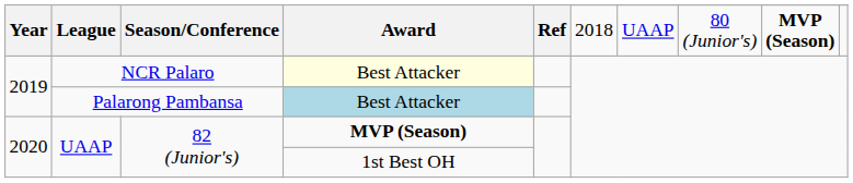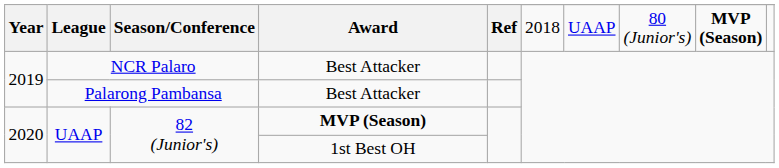 <table class="wikitable sortable" style="text-align:center" width="80%">
 <tr>
 <th style="width:5px;" rowspan="2">Year</th>
 <th style="width:5px;" rowspan="2">League</th>
 <th style="width:10px;" rowspan="2">Season/Conference</th>
 <th style="width:250px;" rowspan="2">Award</th>
 <th style="width:5px;" rowspan="2">Ref</th>
 </tr>
 <tr>
 <td>2018</td>
 <td><a href='#'>UAAP</a></td>
 <td><a href='#'>80</a><br><em>(Junior's)</em></td>
 <td rowspan="1"><strong>MVP (Season)</strong></td>
 <td></td>
 </tr>
 <tr align=center>
 <td rowspan=2>2019</td>
 <td colspan=2><a href='#'>NCR Palaro</a></td>
-<td style="background: lightyellow;">Best Attacker</td>
+<td>Best Attacker</td>
 <td></td>
 </tr>
 <tr>
 <td colspan=2><a href='#'>Palarong Pambansa</a></td>
-<td style="background: lightblue;">Best Attacker</td>
+<td>Best Attacker</td>
 <td></td>
 </tr>
 <tr align=center>
 <td rowspan="2">2020</td>
 <td rowspan="2"><a href='#'>UAAP</a></td>
 <td rowspan="2"><a href='#'>82</a><br><em>(Junior's)</em></td>
 <td rowspan="1"><strong>MVP (Season)</strong></td>
 <td rowspan=2></td>
 </tr>
 <tr>
 <td>1st Best OH</td>
 </tr>
 </table>
